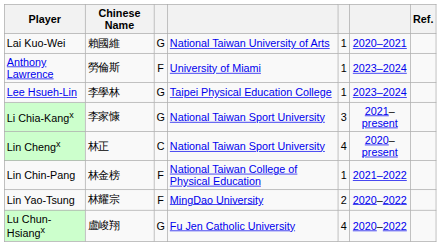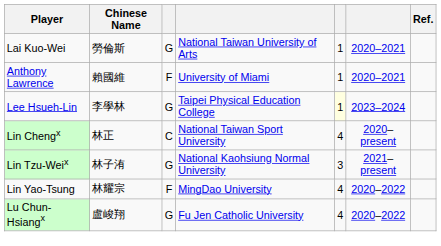 <table class="wikitable sortable" style="font-size:95%; text-align:left;">
 <tr>
 <th>Player</th>
 <th>Chinese Name</th>
 <th></th>
 <th></th>
 <th></th>
 <th></th>
 <th>Ref.</th>
 </tr>
 <tr>
 <td>Lai Kuo-Wei</td>
-<td>賴國維</td>
+<td>勞倫斯</td>
 <td align="center">G</td>
 <td><a href='#'>National Taiwan University of Arts</a></td>
 <td align="center">1</td>
 <td align="center"><a href='#'>2020–2021</a></td>
 <td></td>
 </tr>
 <tr>
 <td><a href='#'>Anthony Lawrence</a></td>
-<td>勞倫斯</td>
+<td>賴國維</td>
 <td align="center">F</td>
 <td><a href='#'>University of Miami</a></td>
 <td align="center">1</td>
-<td align="center"><a href='#'>2023–2024</a></td>
+<td align="center"><a href='#'>2020–2021</a></td>
 <td></td>
 </tr>
 <tr>
 <td><a href='#'>Lee Hsueh-Lin</a></td>
 <td>李學林</td>
 <td align="center">G</td>
 <td><a href='#'>Taipei Physical Education College</a></td>
-<td align="center">1</td>
+<td align="center" style="background: lightyellow;">1</td>
 <td align="center"><a href='#'>2023–2024</a></td>
-<td></td>
-</tr>
-<tr>
-<td bgcolor="#CCFFCC">Li Chia-Kang<sup>x</sup></td>
-<td>李家慷</td>
-<td align="center">G</td>
-<td><a href='#'>National Taiwan Sport University</a></td>
-<td align="center">3</td>
-<td align="center"><a href='#'>2021</a>–<a href='#'>present</a></td>
 <td></td>
 </tr>
 <tr>
 <td bgcolor="#CCFFCC">Lin Cheng<sup>x</sup></td>
 <td>林正</td>
 <td align="center">C</td>
 <td><a href='#'>National Taiwan Sport University</a></td>
 <td align="center">4</td>
 <td align="center"><a href='#'>2020</a>–<a href='#'>present</a></td>
 <td></td>
 </tr>
 <tr>
-<td>Lin Chin-Pang</td>
-<td>林金榜</td>
-<td align="center">F</td>
-<td><a href='#'>National Taiwan College of Physical Education</a></td>
-<td align="center">1</td>
-<td align="center"><a href='#'>2021–2022</a></td>
+<td bgcolor="#CCFFCC">Lin Tzu-Wei<sup>x</sup></td>
+<td>林子洧</td>
+<td align="center">G</td>
+<td><a href='#'>National Kaohsiung Normal University</a></td>
+<td align="center">3</td>
+<td align="center"><a href='#'>2021</a>–<a href='#'>present</a></td>
 <td></td>
 </tr>
 <tr>
 <td>Lin Yao-Tsung</td>
 <td>林耀宗</td>
 <td align="center">F</td>
 <td><a href='#'>MingDao University</a></td>
-<td align="center">2</td>
+<td align="center">4</td>
 <td align="center"><a href='#'>2020</a>–<a href='#'>2022</a></td>
 <td></td>
 </tr>
 <tr>
 <td bgcolor="#CCFFCC">Lu Chun-Hsiang<sup>x</sup></td>
 <td>盧峻翔</td>
 <td align="center">G</td>
 <td><a href='#'>Fu Jen Catholic University</a></td>
 <td align="center">4</td>
 <td align="center"><a href='#'>2020</a>–<a href='#'>2022</a></td>
 <td></td>
 </tr>
 </table>
